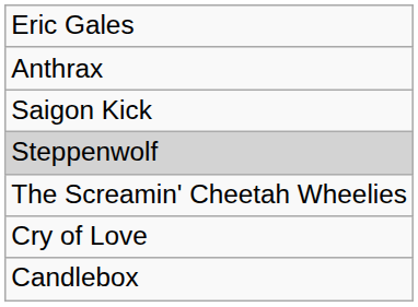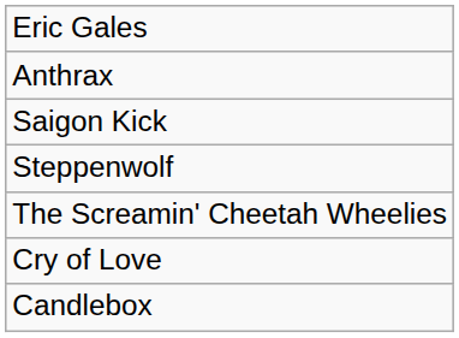 <table class="wikitable">
 <tr>
 <td>Eric Gales</td>
 </tr>
 <tr>
 <td>Anthrax</td>
 </tr>
 <tr>
 <td>Saigon Kick</td>
 </tr>
 <tr>
-<td style="background: lightgrey;">Steppenwolf</td>
+<td>Steppenwolf</td>
 </tr>
 <tr>
 <td>The Screamin' Cheetah Wheelies</td>
 </tr>
 <tr>
 <td>Cry of Love</td>
 </tr>
 <tr>
 <td>Candlebox</td>
 </tr>
 </table>
